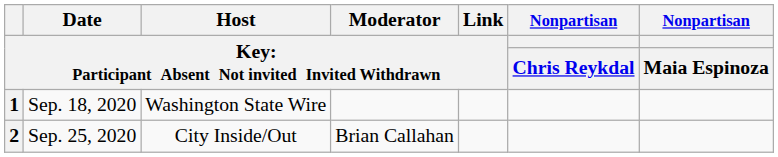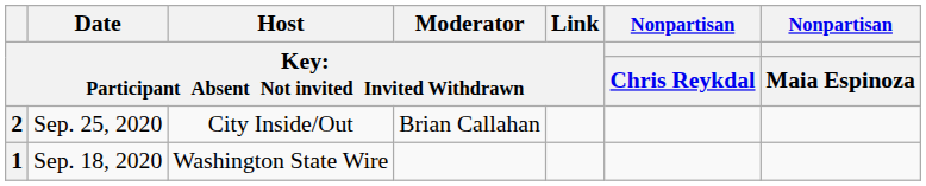 <table class="wikitable" style="text-align:center;">
 <tr>
 <th scope="col"></th>
 <th scope="col">Date</th>
 <th scope="col">Host</th>
 <th scope="col">Moderator</th>
 <th scope="col">Link</th>
 <th scope="col"><small><a href='#'>Nonpartisan</a></small></th>
 <th scope="col"><small><a href='#'>Nonpartisan</a></small></th>
 </tr>
 <tr>
 <th colspan="5" rowspan="2">Key:<br> <small>Participant </small>  <small>Absent </small>  <small>Not invited </small>  <small>Invited  Withdrawn</small></th>
 <th scope="col" style="background:"></th>
 <th scope="col" style="background:"></th>
 </tr>
 <tr>
 <th scope="col"><a href='#'>Chris Reykdal</a></th>
 <th scope="col">Maia Espinoza</th>
 </tr>
 <tr>
+<th>2</th>
+<td style="white-space:nowrap;">Sep. 25, 2020</td>
+<td style="white-space:nowrap;">City Inside/Out</td>
+<td style="white-space:nowrap;">Brian Callahan</td>
+<td style="white-space:nowrap;"></td>
+<td></td>
+<td></td>
+</tr>
+<tr>
 <th>1</th>
 <td style="white-space:nowrap;">Sep. 18, 2020</td>
 <td style="white-space:nowrap;">Washington State Wire</td>
 <td style="white-space:nowrap;"></td>
 <td style="white-space:nowrap;"></td>
 <td></td>
 <td></td>
 </tr>
-<tr>
-<th>2</th>
-<td style="white-space:nowrap;">Sep. 25, 2020</td>
-<td style="white-space:nowrap;">City Inside/Out</td>
-<td style="white-space:nowrap;">Brian Callahan</td>
-<td style="white-space:nowrap;"></td>
-<td></td>
-<td></td>
-</tr>
 </table>
